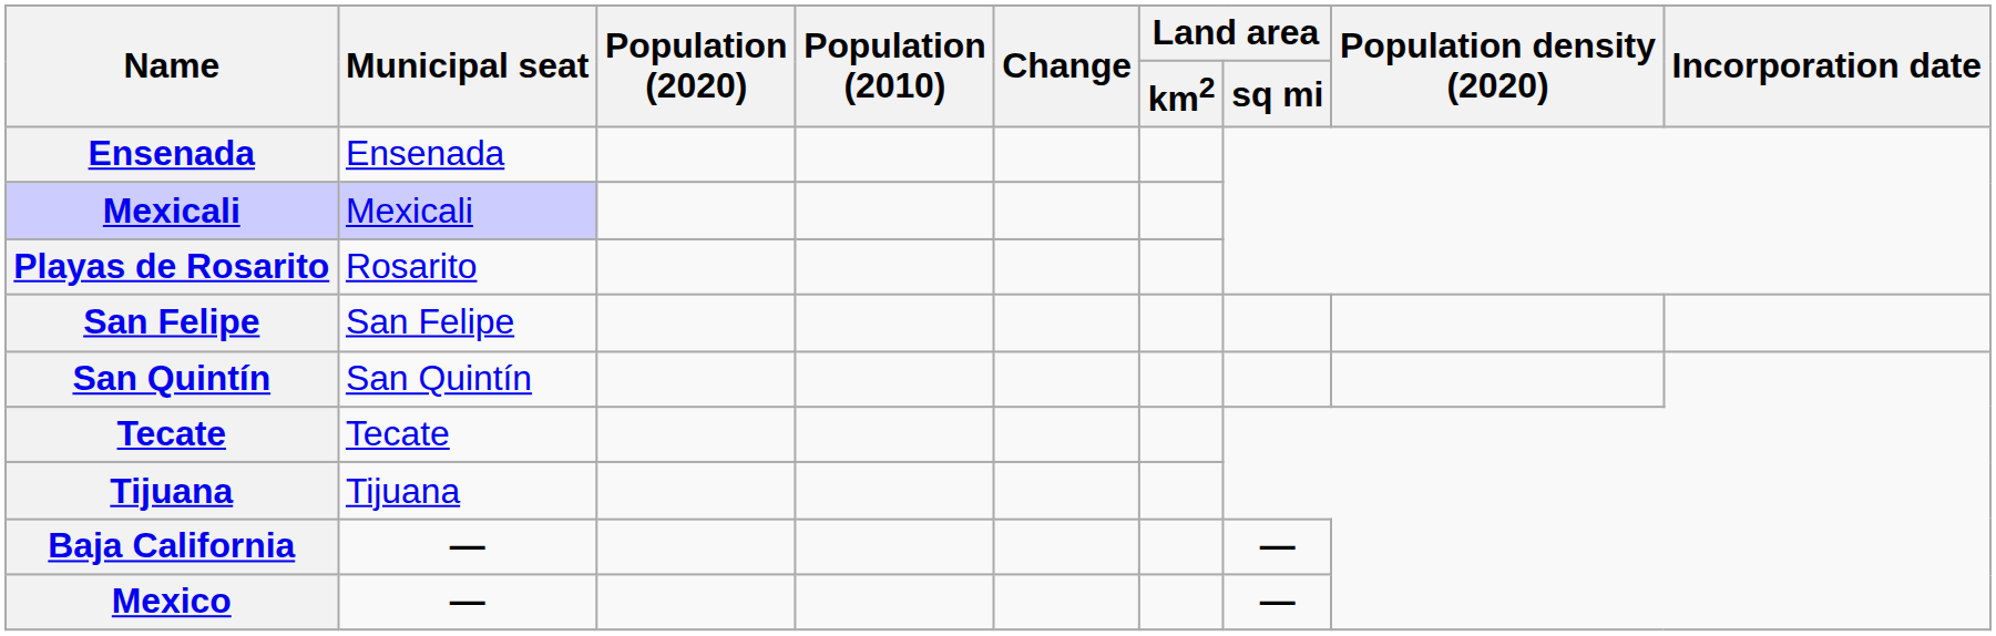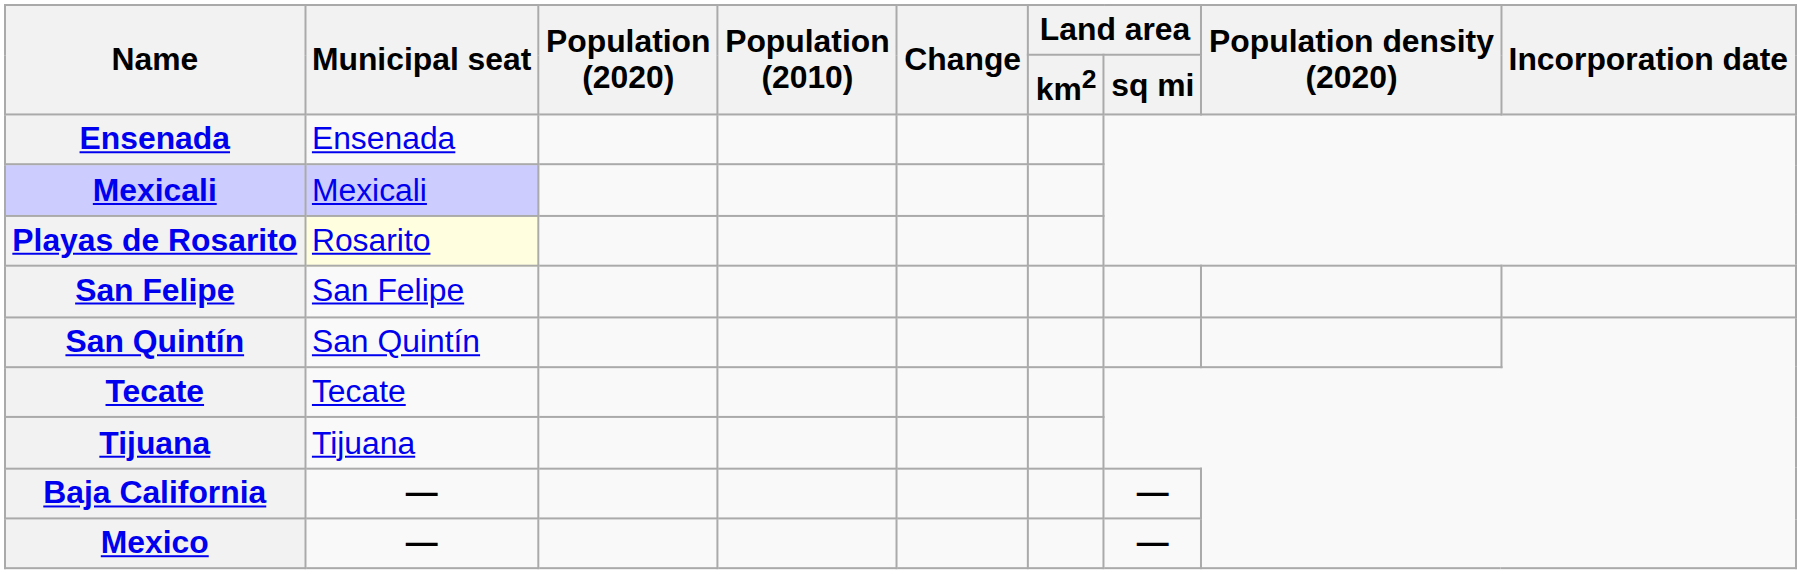 <table class="wikitable sortable" style="text-align:right;">
 <tr>
 </tr>
 <tr>
 <th scope="col"  rowspan=2>Name</th>
 <th scope="col"  rowspan=2>Municipal seat</th>
 <th scope="col"  rowspan=2>Population<br>(2020)</th>
 <th scope="col"  rowspan=2>Population<br>(2010)</th>
 <th scope="col"  rowspan=2>Change</th>
 <th scope="col" data-sort-type="number"  colspan=2>Land area</th>
 <th scope="col" data-sort-type="number"  rowspan=2>Population density<br>(2020)</th>
 <th scope="col"  rowspan=2>Incorporation date</th>
 </tr>
 <tr>
 <th scope="col">km<sup>2</sup></th>
 <th scope="col">sq mi</th>
 </tr>
 <tr>
 <th scope="row" align="left"><a href='#'>Ensenada</a></th>
 <td align=left><a href='#'>Ensenada</a></td>
 <td></td>
 <td> </td>
 <td></td>
 <td></td>
 </tr>
 <tr>
 <th scope="row" align="left" style="background:#CCF;"><a href='#'>Mexicali</a></th>
 <td align=left style="background:#CCF;"><a href='#'>Mexicali</a></td>
 <td></td>
 <td></td>
 <td></td>
 <td></td>
 </tr>
 <tr>
 <th scope="row" align="left"><a href='#'>Playas de Rosarito</a></th>
-<td align=left><a href='#'>Rosarito</a></td>
+<td align=left style="background: lightyellow;"><a href='#'>Rosarito</a></td>
 <td></td>
 <td></td>
 <td></td>
 <td></td>
 </tr>
 <tr>
 <th scope="row" align="left"><a href='#'>San Felipe</a></th>
 <td align=left><a href='#'>San Felipe</a></td>
 <td></td>
 <td></td>
 <td></td>
 <td></td>
 <td></td>
 <td></td>
 <td></td>
 </tr>
 <tr>
 <th scope="row" align="left"><a href='#'>San Quintín</a></th>
 <td align=left><a href='#'>San Quintín</a></td>
 <td></td>
 <td></td>
 <td></td>
 <td></td>
 <td></td>
 <td></td>
 </tr>
 <tr>
 <th scope="row" align="left"><a href='#'>Tecate</a></th>
 <td align=left><a href='#'>Tecate</a></td>
 <td></td>
 <td></td>
 <td></td>
 <td></td>
 </tr>
 <tr>
 <th scope="row" align="left"><a href='#'>Tijuana</a></th>
 <td align=left><a href='#'>Tijuana</a></td>
 <td></td>
 <td></td>
 <td></td>
 <td></td>
 </tr>
 <tr class="sortbottom" style="text-align:center;" style="background: #f2f2f2;">
 <th scope="row" align="left"><strong><a href='#'>Baja California</a></strong></th>
 <td><strong>—</strong></td>
 <td></td>
 <td><strong></strong></td>
 <td><strong></strong></td>
 <td align="right"><strong></strong></td>
 <td><strong>—</strong></td>
 </tr>
 <tr class="sortbottom" style="text-align:center;" style="background: #f2f2f2;">
 <th scope="row" align="left"><strong><a href='#'>Mexico</a></strong></th>
 <td><strong>—</strong></td>
 <td></td>
 <td><strong></strong></td>
 <td><strong></strong></td>
 <td align="right"><strong></strong></td>
 <td><strong>—</strong></td>
 </tr>
 </table>
